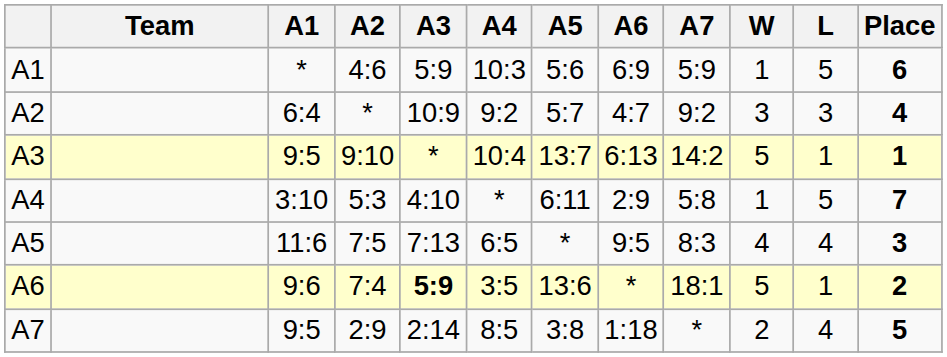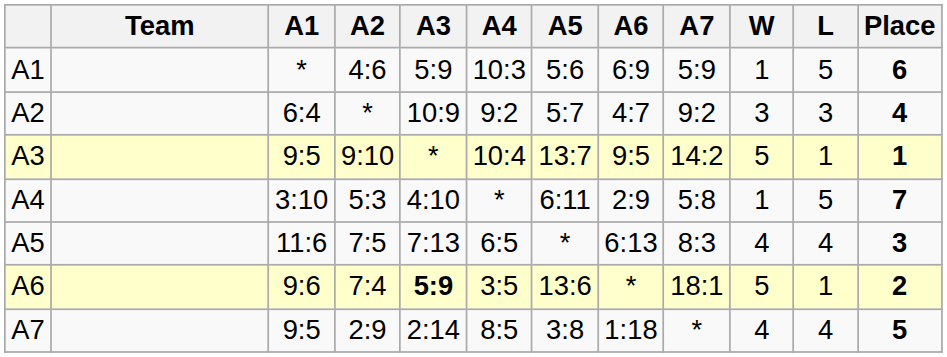 <table class="wikitable" style="text-align:center;">
 <tr>
 <th></th>
 <th width="120">Team</th>
 <th width="25">A1</th>
 <th width="25">A2</th>
 <th width="25">A3</th>
 <th width="25">A4</th>
 <th width="25">A5</th>
 <th width="25">A6</th>
 <th width="25">A7</th>
 <th width="30">W</th>
 <th width="30">L</th>
 <th>Place</th>
 </tr>
 <tr>
 <td>A1</td>
 <td align=left></td>
 <td>*</td>
 <td>4:6</td>
 <td>5:9</td>
 <td>10:3</td>
 <td>5:6</td>
 <td>6:9</td>
 <td>5:9</td>
 <td>1</td>
 <td>5</td>
 <td><strong>6</strong></td>
 </tr>
 <tr>
 <td>A2</td>
 <td align=left></td>
 <td>6:4</td>
 <td>*</td>
 <td>10:9</td>
 <td>9:2</td>
 <td>5:7</td>
 <td>4:7</td>
 <td>9:2</td>
 <td>3</td>
 <td>3</td>
 <td><strong>4</strong></td>
 </tr>
 <tr bgcolor=#ffffcc>
 <td>A3</td>
 <td align=left></td>
 <td>9:5</td>
 <td>9:10</td>
 <td>*</td>
 <td>10:4</td>
 <td>13:7</td>
-<td>6:13</td>
+<td>9:5</td>
 <td>14:2</td>
 <td>5</td>
 <td>1</td>
 <td><strong>1</strong></td>
 </tr>
 <tr>
 <td>A4</td>
 <td align=left></td>
 <td>3:10</td>
 <td>5:3</td>
 <td>4:10</td>
 <td>*</td>
 <td>6:11</td>
 <td>2:9</td>
 <td>5:8</td>
 <td>1</td>
 <td>5</td>
 <td><strong>7</strong></td>
 </tr>
 <tr>
 <td>A5</td>
 <td align=left></td>
 <td>11:6</td>
 <td>7:5</td>
 <td>7:13</td>
 <td>6:5</td>
 <td>*</td>
-<td>9:5</td>
+<td>6:13</td>
 <td>8:3</td>
 <td>4</td>
 <td>4</td>
 <td><strong>3</strong></td>
 </tr>
 <tr bgcolor=#ffffcc>
 <td>A6</td>
 <td align=left></td>
 <td>9:6</td>
 <td>7:4</td>
 <td><strong>5:9</strong></td>
 <td>3:5</td>
 <td>13:6</td>
 <td>*</td>
 <td>18:1</td>
 <td>5</td>
 <td>1</td>
 <td><strong>2</strong></td>
 </tr>
 <tr>
 <td>A7</td>
 <td align=left></td>
 <td>9:5</td>
 <td>2:9</td>
 <td>2:14</td>
 <td>8:5</td>
 <td>3:8</td>
 <td>1:18</td>
 <td>*</td>
-<td>2</td>
+<td>4</td>
 <td>4</td>
 <td><strong>5</strong></td>
 </tr>
 </table>
